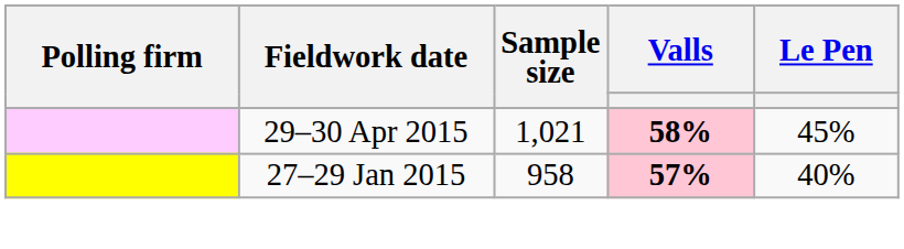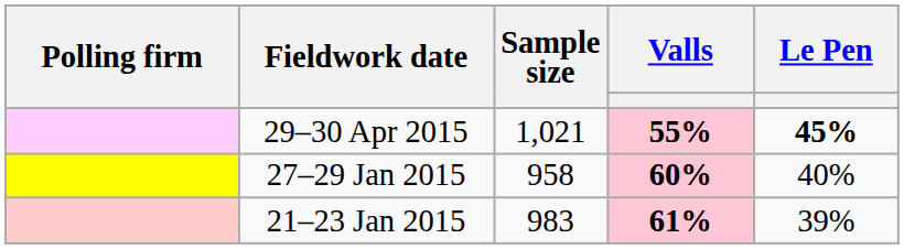 <table class="wikitable sortable" style="text-align:center;font-size:90%;line-height:14px;">
 <tr style="height:40px;">
 <th style="width:100px;" rowspan="2">Polling firm</th>
 <th style="width:110px;" rowspan="2">Fieldwork date</th>
 <th style="width:35px;" rowspan="2">Sample<br>size</th>
 <th class="unsortable" style="width:60px;"><a href='#'>Valls</a><br></th>
 <th class="unsortable" style="width:60px;"><a href='#'>Le Pen</a><br></th>
 </tr>
 <tr>
 <th style="background:"></th>
 <th style="background:"></th>
 </tr>
 <tr>
 <td style="background:#FFCCFF;"></td>
 <td data-sort-value="2015-04-30">29–30 Apr 2015</td>
 <td>1,021</td>
-<td style="background:#FFC6D5;"><strong>58%</strong></td>
-<td>45%</td>
+<td style="background:#FFC6D5;"><strong>55%</strong></td>
+<td><strong>45%</strong></td>
 </tr>
 <tr>
 <td style="background:yellow;"> </td>
 <td data-sort-value="2015-01-29">27–29 Jan 2015</td>
 <td>958</td>
-<td style="background:#FFC6D5;"><strong>57%</strong></td>
+<td style="background:#FFC6D5;"><strong>60%</strong></td>
 <td>40%</td>
 </tr>
+<tr>
+<td style="background:#FFCCCC;"></td>
+<td data-sort-value="2015-01-23">21–23 Jan 2015</td>
+<td>983</td>
+<td style="background:#FFC6D5;"><strong>61%</strong></td>
+<td>39%</td>
+</tr>
 </table>
